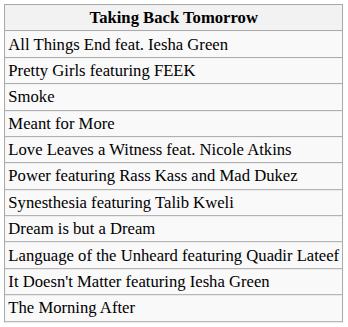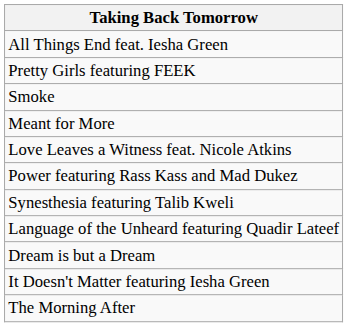 <table class="wikitable">
 <tr>
 <th>Taking Back Tomorrow</th>
 </tr>
 <tr>
 <td>All Things End feat. Iesha Green</td>
 </tr>
 <tr>
 <td>Pretty Girls featuring FEEK</td>
 </tr>
 <tr>
 <td>Smoke</td>
 </tr>
 <tr>
 <td>Meant for More</td>
 </tr>
 <tr>
 <td>Love Leaves a Witness feat. Nicole Atkins</td>
 </tr>
 <tr>
 <td>Power featuring Rass Kass and Mad Dukez</td>
 </tr>
 <tr>
 <td>Synesthesia featuring Talib Kweli</td>
 </tr>
 <tr>
-<td>Dream is but a Dream</td>
+<td>Language of the Unheard featuring Quadir Lateef</td>
 </tr>
 <tr>
-<td>Language of the Unheard featuring Quadir Lateef</td>
+<td>Dream is but a Dream</td>
 </tr>
 <tr>
 <td>It Doesn't Matter featuring Iesha Green</td>
 </tr>
 <tr>
 <td>The Morning After</td>
 </tr>
 </table>
